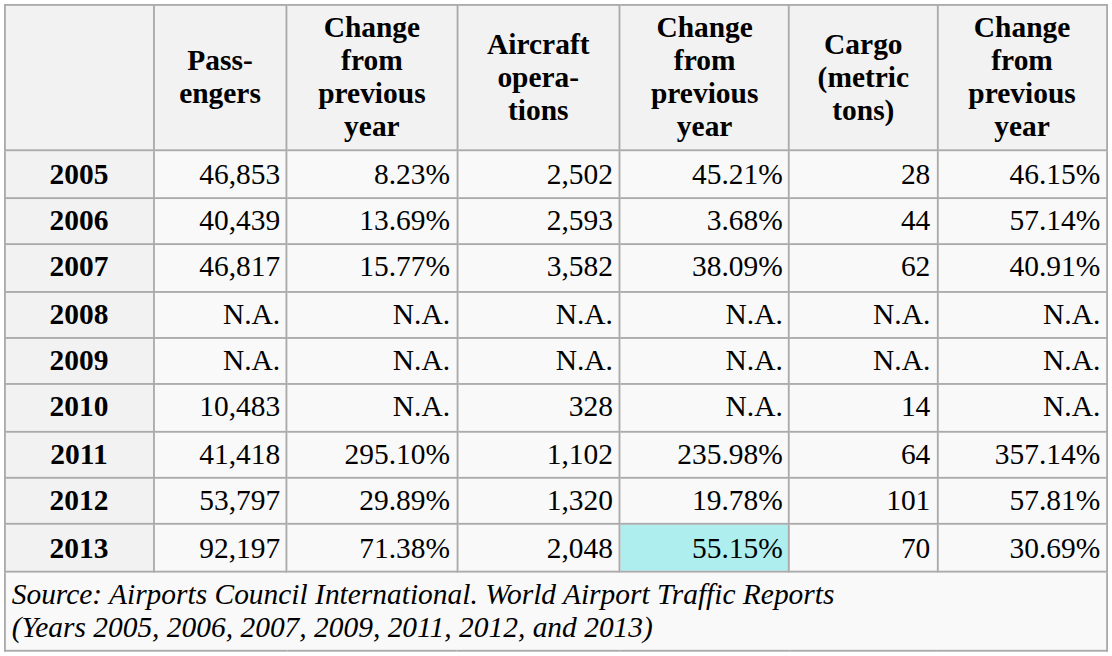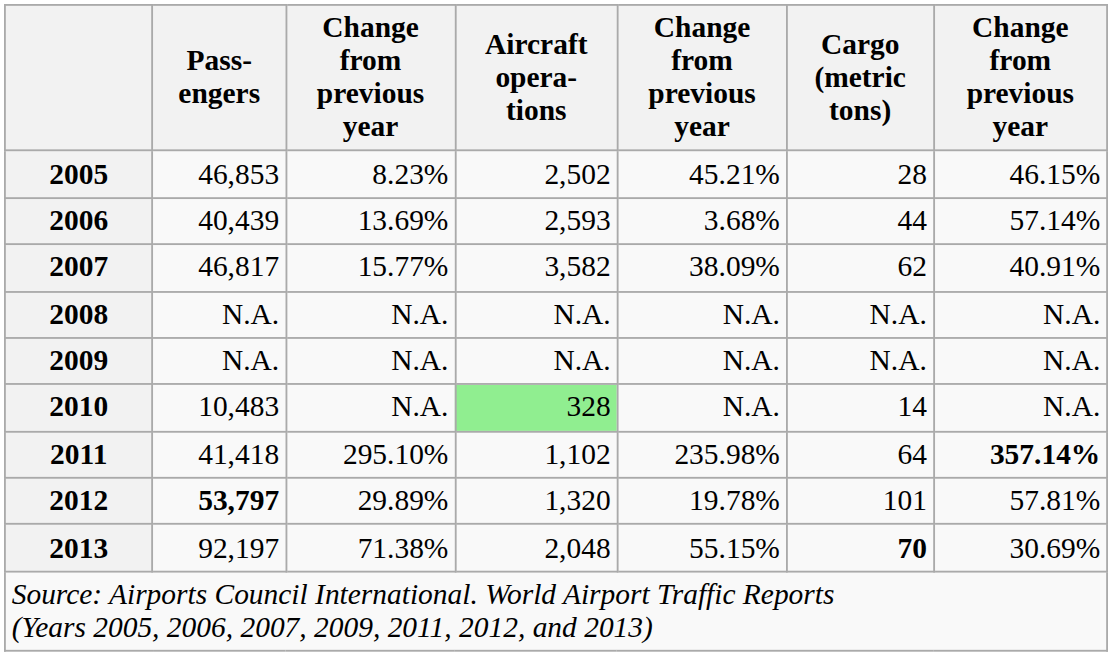 <table class="wikitable"  style="text-align:right; width:600px">
 <tr>
 <th style="width:50px"></th>
 <th style="width:20px">Pass-<br>engers</th>
 <th style="width:20px">Change from previous year</th>
 <th style="width:20px">Aircraft opera-<br>tions</th>
 <th style="width:20px">Change from previous year</th>
 <th style="width:20px">Cargo<br>(metric tons)</th>
 <th style="width:20px">Change from previous year</th>
 </tr>
 <tr>
 <th>2005</th>
 <td>46,853</td>
 <td>  8.23%</td>
 <td>2,502</td>
 <td> 45.21%</td>
 <td>28</td>
 <td> 46.15%</td>
 </tr>
 <tr>
 <th>2006</th>
 <td>40,439</td>
 <td> 13.69%</td>
 <td>2,593</td>
 <td>  3.68%</td>
 <td>44</td>
 <td> 57.14%</td>
 </tr>
 <tr>
 <th>2007</th>
 <td>46,817</td>
 <td> 15.77%</td>
 <td>3,582</td>
 <td> 38.09%</td>
 <td>62</td>
 <td> 40.91%</td>
 </tr>
 <tr>
 <th>2008</th>
 <td>N.A.</td>
 <td>N.A.</td>
 <td>N.A.</td>
 <td>N.A.</td>
 <td>N.A.</td>
 <td>N.A.</td>
 </tr>
 <tr>
 <th>2009</th>
 <td>N.A.</td>
 <td>N.A.</td>
 <td>N.A.</td>
 <td>N.A.</td>
 <td>N.A.</td>
 <td>N.A.</td>
 </tr>
 <tr>
 <th>2010</th>
 <td>10,483</td>
 <td>N.A.</td>
-<td>328</td>
+<td style="background: lightgreen;">328</td>
 <td>N.A.</td>
 <td>14</td>
 <td>N.A.</td>
 </tr>
 <tr>
 <th>2011</th>
 <td>41,418</td>
 <td>295.10%</td>
 <td>1,102</td>
 <td>235.98%</td>
 <td>64</td>
-<td>357.14%</td>
+<td><strong>357.14%</strong></td>
 </tr>
 <tr>
 <th>2012</th>
-<td>53,797</td>
+<td><strong>53,797</strong></td>
 <td> 29.89%</td>
 <td>1,320</td>
 <td> 19.78%</td>
 <td>101</td>
 <td> 57.81%</td>
 </tr>
 <tr>
 <th>2013</th>
 <td>92,197</td>
 <td> 71.38%</td>
 <td>2,048</td>
-<td style="background: paleturquoise;"> 55.15%</td>
-<td>70</td>
+<td> 55.15%</td>
+<td><strong>70</strong></td>
 <td> 30.69%</td>
 </tr>
 <tr>
 <td colspan="7" style="text-align:left;"><em>Source: Airports Council International. World Airport Traffic Reports<br>(Years 2005, 2006, 2007, 2009, 2011, 2012, and 2013)</em></td>
 </tr>
 </table>
